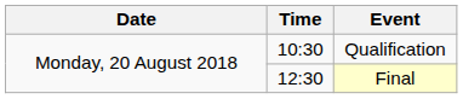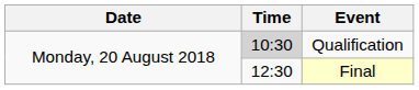 <table class = "wikitable" style="text-align:center;">
 <tr>
 <th width="220">Date</th>
 <th width="50">Time</th>
 <th width="100">Event</th>
 </tr>
 <tr>
 <td rowspan="2">Monday, 20 August 2018</td>
-<td>10:30</td>
+<td style="background: lightgrey;">10:30</td>
 <td>Qualification</td>
 </tr>
 <tr>
 <td>12:30</td>
 <td bgcolor="ffffcc">Final</td>
 </tr>
 </table>
